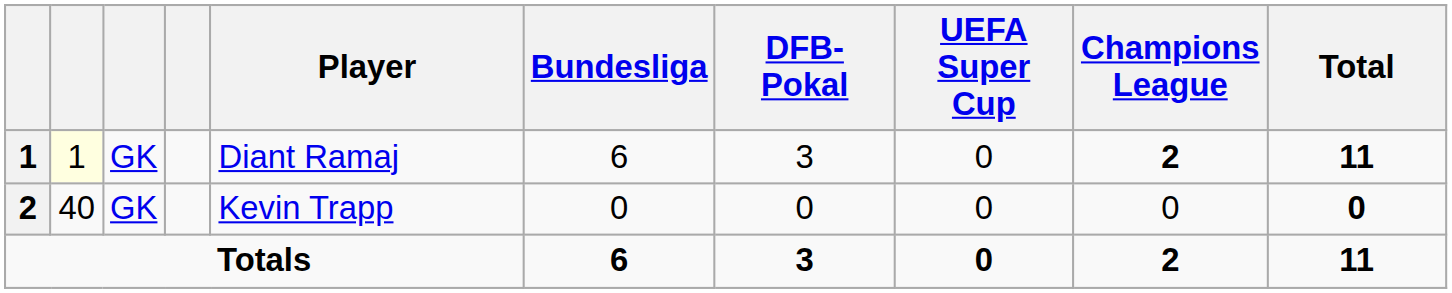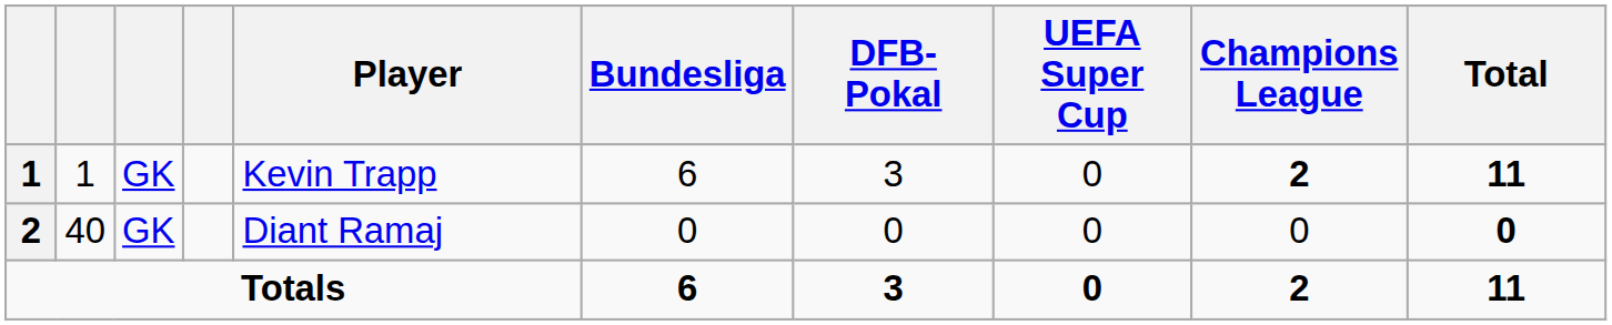 <table class="wikitable" style="text-align:center">
 <tr>
 <th width=15></th>
 <th width=15></th>
 <th width=15></th>
 <th width=15></th>
 <th width=145>Player</th>
 <th width=80><a href='#'>Bundesliga</a></th>
 <th width=80><a href='#'>DFB-Pokal</a></th>
 <th width=80><a href='#'>UEFA Super Cup</a></th>
 <th width=80><a href='#'>Champions League</a></th>
 <th width=80>Total</th>
 </tr>
 <tr>
 <th rowspan=1>1</th>
-<td style="background: lightyellow;">1</td>
+<td>1</td>
 <td><a href='#'>GK</a></td>
 <td></td>
-<td align=left><a href='#'>Diant Ramaj</a></td>
+<td align=left><a href='#'>Kevin Trapp</a></td>
 <td>6</td>
 <td>3</td>
 <td>0</td>
 <td><strong>2</strong></td>
 <td><strong>11</strong></td>
 </tr>
 <tr>
 <th rowspan=1>2</th>
 <td>40</td>
 <td><a href='#'>GK</a></td>
 <td></td>
-<td align=left><a href='#'>Kevin Trapp</a></td>
+<td align=left><a href='#'>Diant Ramaj</a></td>
 <td>0</td>
 <td>0</td>
 <td>0</td>
 <td>0</td>
 <td><strong>0</strong></td>
 </tr>
 <tr>
 <td colspan=5><strong>Totals</strong></td>
 <td><strong>6</strong></td>
 <td><strong>3</strong></td>
 <td><strong>0</strong></td>
 <td><strong>2</strong></td>
 <td><strong>11</strong></td>
 </tr>
 </table>
